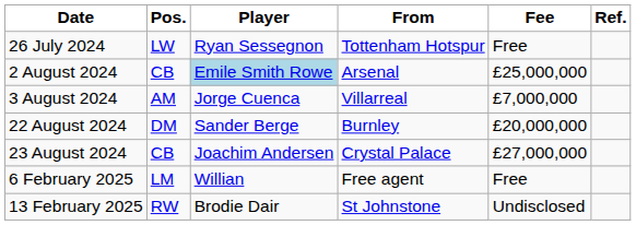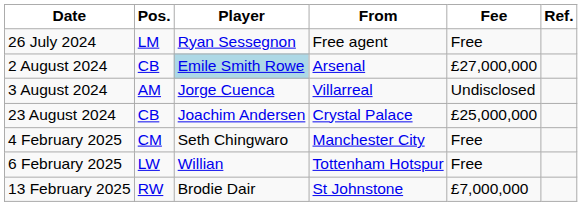 <table class="wikitable plainrowheaders sortable">
 <tr>
 <th style="background:white;color:black; ">Date</th>
 <th style="background:white;color:black; ">Pos.</th>
 <th style="background:white;color:black; ">Player</th>
 <th style="background:white;color:black; ">From</th>
 <th style="background:white;color:black; ">Fee</th>
 <th style="background:white;color:black; ">Ref.</th>
 </tr>
 <tr>
 <td>26 July 2024</td>
-<td><a href='#'>LW</a></td>
+<td><a href='#'>LM</a></td>
 <td> <a href='#'>Ryan Sessegnon</a></td>
-<td> <a href='#'>Tottenham Hotspur</a></td>
+<td>Free agent</td>
 <td>Free</td>
 <td></td>
 </tr>
 <tr>
 <td>2 August 2024</td>
 <td><a href='#'>CB</a></td>
 <td style="background: lightblue;"> <a href='#'>Emile Smith Rowe</a></td>
 <td> <a href='#'>Arsenal</a></td>
-<td>£25,000,000</td>
+<td>£27,000,000</td>
 <td></td>
 </tr>
 <tr>
 <td>3 August 2024</td>
 <td><a href='#'>AM</a></td>
 <td> <a href='#'>Jorge Cuenca</a></td>
 <td> <a href='#'>Villarreal</a></td>
-<td>£7,000,000</td>
-<td></td>
-</tr>
-<tr>
-<td>22 August 2024</td>
-<td><a href='#'>DM</a></td>
-<td> <a href='#'>Sander Berge</a></td>
-<td> <a href='#'>Burnley</a></td>
-<td>£20,000,000</td>
+<td>Undisclosed</td>
 <td></td>
 </tr>
 <tr>
 <td>23 August 2024</td>
 <td><a href='#'>CB</a></td>
 <td> <a href='#'>Joachim Andersen</a></td>
 <td> <a href='#'>Crystal Palace</a></td>
-<td>£27,000,000</td>
+<td>£25,000,000</td>
+<td></td>
+</tr>
+<tr>
+<td>4 February 2025</td>
+<td><a href='#'>CM</a></td>
+<td> Seth Chingwaro</td>
+<td> <a href='#'>Manchester City</a></td>
+<td>Free</td>
 <td></td>
 </tr>
 <tr>
 <td>6 February 2025</td>
-<td><a href='#'>LM</a></td>
+<td><a href='#'>LW</a></td>
 <td> <a href='#'>Willian</a></td>
-<td>Free agent</td>
+<td> <a href='#'>Tottenham Hotspur</a></td>
 <td>Free</td>
 <td></td>
 </tr>
 <tr>
 <td>13 February 2025</td>
 <td><a href='#'>RW</a></td>
 <td> Brodie Dair</td>
 <td> <a href='#'>St Johnstone</a></td>
-<td>Undisclosed</td>
+<td>£7,000,000</td>
 <td></td>
 </tr>
 </table>
